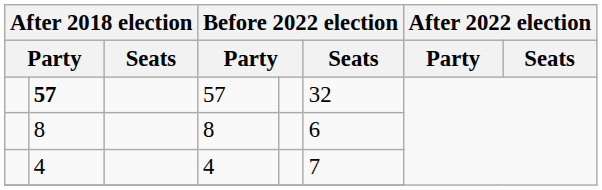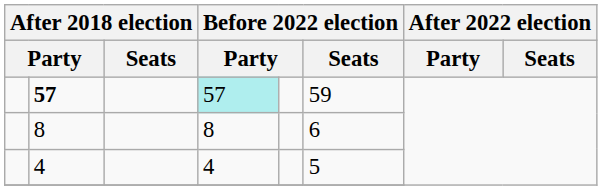 <table class="wikitable">
 <tr>
 <th colspan="3">After 2018 election</th>
 <th colspan="3">Before 2022 election</th>
 <th colspan="3">After 2022 election</th>
 </tr>
 <tr>
 <th colspan="2">Party</th>
 <th>Seats</th>
 <th colspan="2">Party</th>
 <th>Seats</th>
 <th colspan="2">Party</th>
 <th>Seats</th>
 </tr>
 <tr>
 <td></td>
 <td><strong>57</strong></td>
 <td></td>
-<td>57</td>
+<td style="background: paleturquoise;">57</td>
 <td></td>
-<td>32</td>
+<td>59</td>
 </tr>
 <tr>
 <td></td>
 <td>8</td>
 <td></td>
 <td>8</td>
 <td></td>
 <td>6</td>
 </tr>
 <tr>
 <td></td>
 <td>4</td>
 <td></td>
 <td>4</td>
 <td></td>
-<td>7</td>
+<td>5</td>
 </tr>
 <tr>
 </tr>
 </table>
